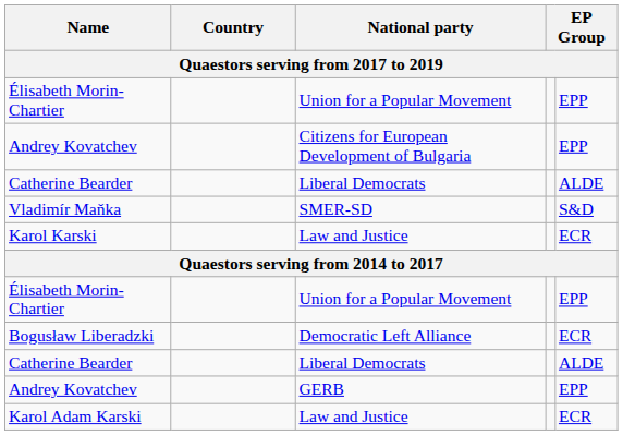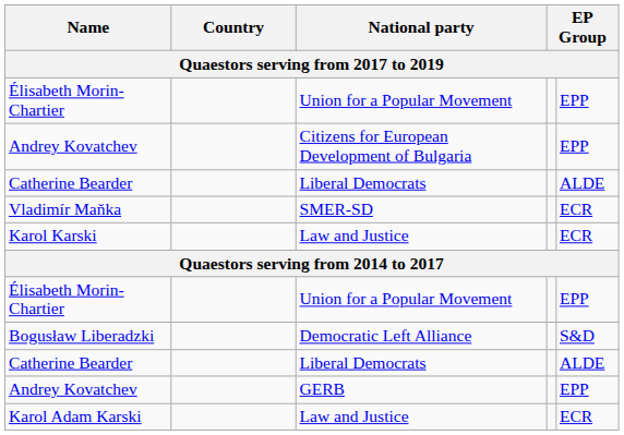 <table class="wikitable">
 <tr>
 <th scope="col" style="width:150px;">Name</th>
 <th scope="col" style="width:110px;">Country</th>
 <th scope="col" style="width:230px;">National party</th>
 <th colspan="2" style="width:60px;">EP Group</th>
 </tr>
 <tr>
 <th colspan="5" scope="col">Quaestors serving from 2017 to 2019</th>
 </tr>
 <tr>
 <td><a href='#'>Élisabeth Morin-Chartier</a></td>
 <td></td>
 <td><a href='#'>Union for a Popular Movement</a></td>
 <td style="width:1px;background-color:"></td>
 <td><a href='#'>EPP</a></td>
 </tr>
 <tr>
 <td><a href='#'>Andrey Kovatchev</a></td>
 <td></td>
 <td><a href='#'>Citizens for European Development of Bulgaria</a></td>
 <td style="width:1px;background-color:"></td>
 <td><a href='#'>EPP</a></td>
 </tr>
 <tr>
 <td><a href='#'>Catherine Bearder</a></td>
 <td></td>
 <td><a href='#'>Liberal Democrats</a></td>
 <td style="width:1px;background-color:"></td>
 <td><a href='#'>ALDE</a></td>
 </tr>
 <tr>
 <td><a href='#'>Vladimír Maňka</a></td>
 <td></td>
 <td><a href='#'>SMER-SD</a></td>
 <td style="width:1px;background-color:"></td>
-<td><a href='#'>S&D</a></td>
+<td><a href='#'>ECR</a></td>
 </tr>
 <tr>
 <td><a href='#'>Karol Karski</a></td>
 <td></td>
 <td><a href='#'>Law and Justice</a></td>
 <td style="width:1px;background:"></td>
 <td><a href='#'>ECR</a></td>
 </tr>
 <tr>
 <th colspan="5" scope="col">Quaestors serving from 2014 to 2017</th>
 </tr>
 <tr>
 <td><a href='#'>Élisabeth Morin-Chartier</a></td>
 <td></td>
 <td><a href='#'>Union for a Popular Movement</a></td>
 <td style="width:1px;background-color:"></td>
 <td><a href='#'>EPP</a></td>
 </tr>
 <tr>
 <td><a href='#'>Bogusław Liberadzki</a></td>
 <td></td>
 <td><a href='#'>Democratic Left Alliance</a></td>
 <td style="width:1px;background-color:"></td>
-<td><a href='#'>ECR</a></td>
+<td><a href='#'>S&D</a></td>
 </tr>
 <tr>
 <td><a href='#'>Catherine Bearder</a></td>
 <td></td>
 <td><a href='#'>Liberal Democrats</a></td>
 <td style="width:1px;background-color:"></td>
 <td><a href='#'>ALDE</a></td>
 </tr>
 <tr>
 <td><a href='#'>Andrey Kovatchev</a></td>
 <td></td>
 <td><a href='#'>GERB</a></td>
 <td style="width:1px;background-color:"></td>
 <td><a href='#'>EPP</a></td>
 </tr>
 <tr>
 <td><a href='#'>Karol Adam Karski</a></td>
 <td></td>
 <td><a href='#'>Law and Justice</a></td>
 <td style="width:1px;background:"></td>
 <td><a href='#'>ECR</a></td>
 </tr>
 </table>
